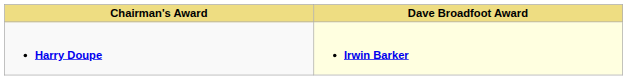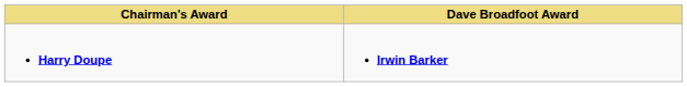 <table class="wikitable" style="width:100%">
 <tr>
 <th style="background:#EEDD82; width:50%">Chairman's Award</th>
 <th style="background:#EEDD82; width:50%">Dave Broadfoot Award</th>
 </tr>
 <tr>
 <td valign="top"><br><ul><li> <strong><a href='#'>Harry Doupe</a></strong></li></ul></td>
-<td valign="top" style="background: lightyellow;"><br><ul><li> <strong><a href='#'>Irwin Barker</a></strong></li></ul></td>
+<td valign="top"><br><ul><li> <strong><a href='#'>Irwin Barker</a></strong></li></ul></td>
 </tr>
 </table>
